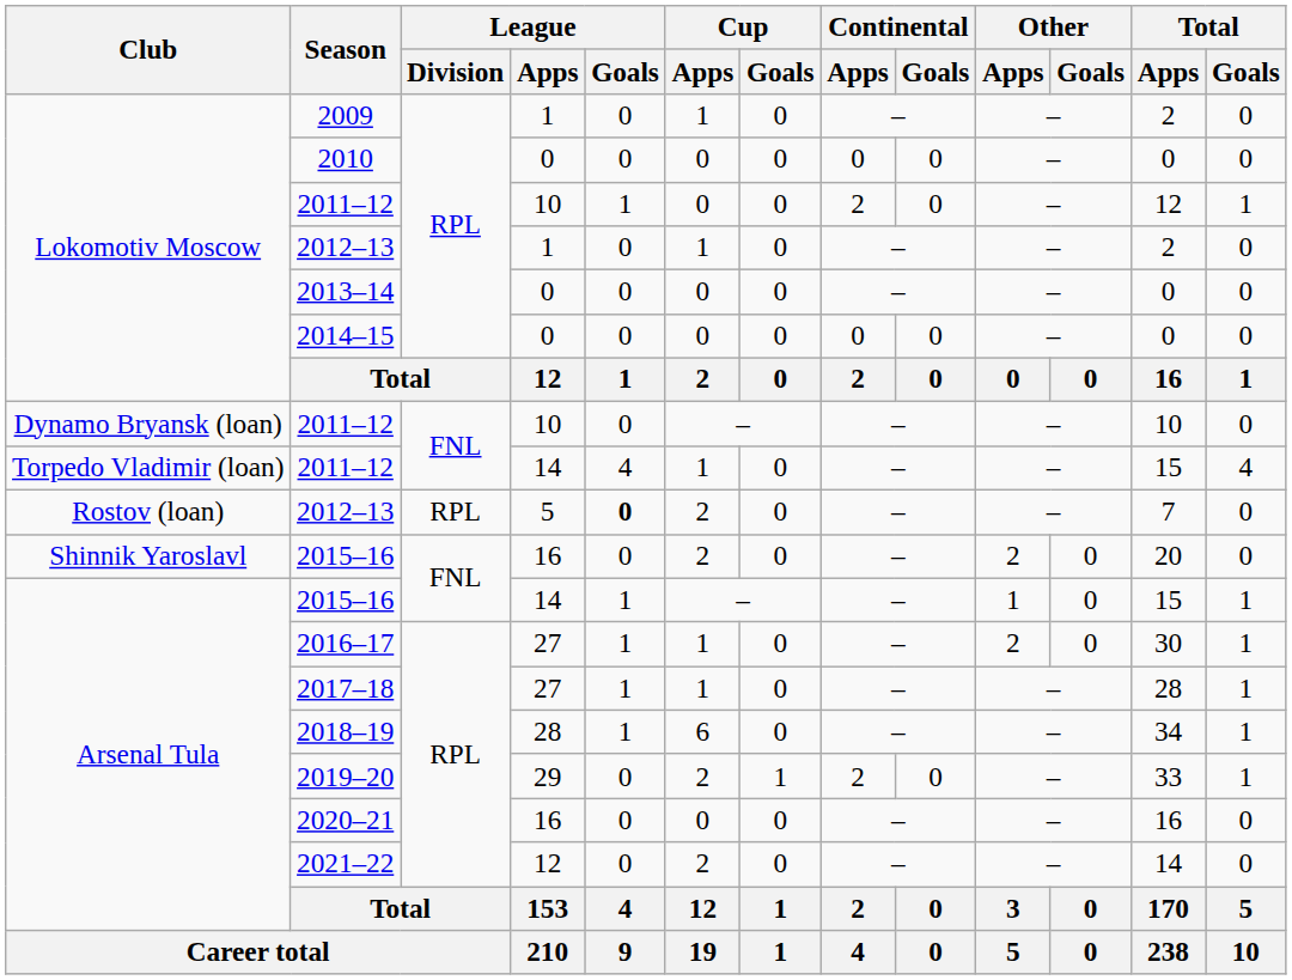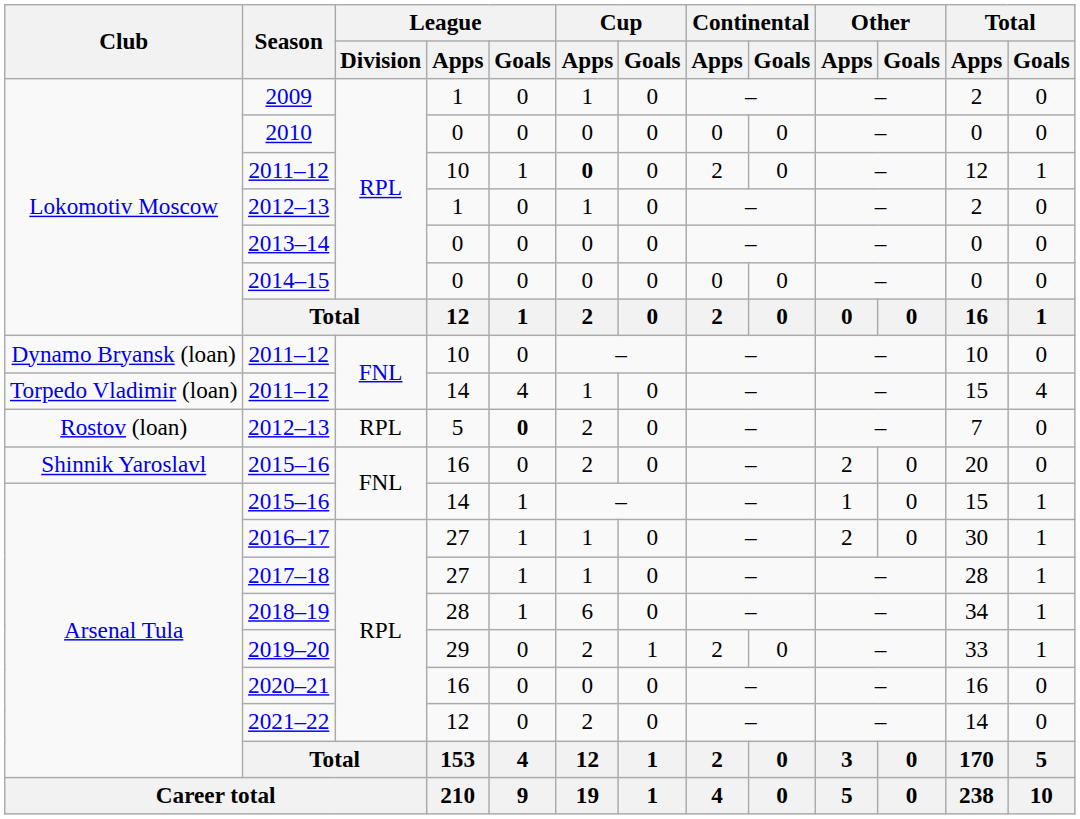 <table class="wikitable" style="text-align: center;">
 <tr>
 <th rowspan=2>Club</th>
 <th rowspan=2>Season</th>
 <th colspan=3>League</th>
 <th colspan=2>Cup</th>
 <th colspan=2>Continental</th>
 <th colspan=2>Other</th>
 <th colspan=2>Total</th>
 </tr>
 <tr>
 <th>Division</th>
 <th>Apps</th>
 <th>Goals</th>
 <th>Apps</th>
 <th>Goals</th>
 <th>Apps</th>
 <th>Goals</th>
 <th>Apps</th>
 <th>Goals</th>
 <th>Apps</th>
 <th>Goals</th>
 </tr>
 <tr>
 <td rowspan="7"><a href='#'>Lokomotiv Moscow</a></td>
 <td><a href='#'>2009</a></td>
 <td rowspan="6"><a href='#'>RPL</a></td>
 <td>1</td>
 <td>0</td>
 <td>1</td>
 <td>0</td>
 <td colspan=2>–</td>
 <td colspan=2>–</td>
 <td>2</td>
 <td>0</td>
 </tr>
 <tr>
 <td><a href='#'>2010</a></td>
 <td>0</td>
 <td>0</td>
 <td>0</td>
 <td>0</td>
 <td>0</td>
 <td>0</td>
 <td colspan=2>–</td>
 <td>0</td>
 <td>0</td>
 </tr>
 <tr>
 <td><a href='#'>2011–12</a></td>
 <td>10</td>
 <td>1</td>
-<td>0</td>
+<td><strong>0</strong></td>
 <td>0</td>
 <td>2</td>
 <td>0</td>
 <td colspan=2>–</td>
 <td>12</td>
 <td>1</td>
 </tr>
 <tr>
 <td><a href='#'>2012–13</a></td>
 <td>1</td>
 <td>0</td>
 <td>1</td>
 <td>0</td>
 <td colspan=2>–</td>
 <td colspan=2>–</td>
 <td>2</td>
 <td>0</td>
 </tr>
 <tr>
 <td><a href='#'>2013–14</a></td>
 <td>0</td>
 <td>0</td>
 <td>0</td>
 <td>0</td>
 <td colspan=2>–</td>
 <td colspan=2>–</td>
 <td>0</td>
 <td>0</td>
 </tr>
 <tr>
 <td><a href='#'>2014–15</a></td>
 <td>0</td>
 <td>0</td>
 <td>0</td>
 <td>0</td>
 <td>0</td>
 <td>0</td>
 <td colspan=2>–</td>
 <td>0</td>
 <td>0</td>
 </tr>
 <tr>
 <th colspan=2>Total</th>
 <th>12</th>
 <th>1</th>
 <th>2</th>
 <th>0</th>
 <th>2</th>
 <th>0</th>
 <th>0</th>
 <th>0</th>
 <th>16</th>
 <th>1</th>
 </tr>
 <tr>
 <td><a href='#'>Dynamo Bryansk</a> (loan)</td>
 <td><a href='#'>2011–12</a></td>
 <td rowspan="2"><a href='#'>FNL</a></td>
 <td>10</td>
 <td>0</td>
 <td colspan=2>–</td>
 <td colspan=2>–</td>
 <td colspan=2>–</td>
 <td>10</td>
 <td>0</td>
 </tr>
 <tr>
 <td><a href='#'>Torpedo Vladimir</a> (loan)</td>
 <td><a href='#'>2011–12</a></td>
 <td>14</td>
 <td>4</td>
 <td>1</td>
 <td>0</td>
 <td colspan=2>–</td>
 <td colspan=2>–</td>
 <td>15</td>
 <td>4</td>
 </tr>
 <tr>
 <td><a href='#'>Rostov</a> (loan)</td>
 <td><a href='#'>2012–13</a></td>
 <td>RPL</td>
 <td>5</td>
 <td><strong>0</strong></td>
 <td>2</td>
 <td>0</td>
 <td colspan=2>–</td>
 <td colspan=2>–</td>
 <td>7</td>
 <td>0</td>
 </tr>
 <tr>
 <td><a href='#'>Shinnik Yaroslavl</a></td>
 <td><a href='#'>2015–16</a></td>
 <td rowspan="2">FNL</td>
 <td>16</td>
 <td>0</td>
 <td>2</td>
 <td>0</td>
 <td colspan=2>–</td>
 <td>2</td>
 <td>0</td>
 <td>20</td>
 <td>0</td>
 </tr>
 <tr>
 <td rowspan="8"><a href='#'>Arsenal Tula</a></td>
 <td><a href='#'>2015–16</a></td>
 <td>14</td>
 <td>1</td>
 <td colspan=2>–</td>
 <td colspan=2>–</td>
 <td>1</td>
 <td>0</td>
 <td>15</td>
 <td>1</td>
 </tr>
 <tr>
 <td><a href='#'>2016–17</a></td>
 <td rowspan="6">RPL</td>
 <td>27</td>
 <td>1</td>
 <td>1</td>
 <td>0</td>
 <td colspan=2>–</td>
 <td>2</td>
 <td>0</td>
 <td>30</td>
 <td>1</td>
 </tr>
 <tr>
 <td><a href='#'>2017–18</a></td>
 <td>27</td>
 <td>1</td>
 <td>1</td>
 <td>0</td>
 <td colspan=2>–</td>
 <td colspan=2>–</td>
 <td>28</td>
 <td>1</td>
 </tr>
 <tr>
 <td><a href='#'>2018–19</a></td>
 <td>28</td>
 <td>1</td>
 <td>6</td>
 <td>0</td>
 <td colspan=2>–</td>
 <td colspan=2>–</td>
 <td>34</td>
 <td>1</td>
 </tr>
 <tr>
 <td><a href='#'>2019–20</a></td>
 <td>29</td>
 <td>0</td>
 <td>2</td>
 <td>1</td>
 <td>2</td>
 <td>0</td>
 <td colspan=2>–</td>
 <td>33</td>
 <td>1</td>
 </tr>
 <tr>
 <td><a href='#'>2020–21</a></td>
 <td>16</td>
 <td>0</td>
 <td>0</td>
 <td>0</td>
 <td colspan=2>–</td>
 <td colspan=2>–</td>
 <td>16</td>
 <td>0</td>
 </tr>
 <tr>
 <td><a href='#'>2021–22</a></td>
 <td>12</td>
 <td>0</td>
 <td>2</td>
 <td>0</td>
 <td colspan=2>–</td>
 <td colspan=2>–</td>
 <td>14</td>
 <td>0</td>
 </tr>
 <tr>
 <th colspan=2>Total</th>
 <th>153</th>
 <th>4</th>
 <th>12</th>
 <th>1</th>
 <th>2</th>
 <th>0</th>
 <th>3</th>
 <th>0</th>
 <th>170</th>
 <th>5</th>
 </tr>
 <tr>
 <th colspan=3>Career total</th>
 <th>210</th>
 <th>9</th>
 <th>19</th>
 <th>1</th>
 <th>4</th>
 <th>0</th>
 <th>5</th>
 <th>0</th>
 <th>238</th>
 <th>10</th>
 </tr>
 </table>
